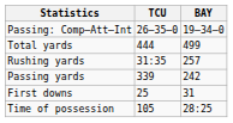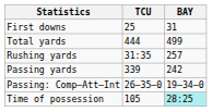 <table class="wikitable" style="float: left;">
 <tr>
 <th>Statistics</th>
 <th>TCU</th>
 <th>BAY</th>
 </tr>
 <tr>
-<td>Passing: Comp–Att–Int</td>
-<td>26–35–0</td>
-<td>19–34–0</td>
+<td>First downs</td>
+<td>25</td>
+<td>31</td>
 </tr>
 <tr>
 <td>Total yards</td>
 <td>444</td>
 <td>499</td>
 </tr>
 <tr>
 <td>Rushing yards</td>
 <td>31:35</td>
 <td>257</td>
 </tr>
 <tr>
 <td>Passing yards</td>
 <td>339</td>
 <td>242</td>
 </tr>
 <tr>
-<td>First downs</td>
-<td>25</td>
-<td>31</td>
+<td>Passing: Comp–Att–Int</td>
+<td>26–35–0</td>
+<td>19–34–0</td>
 </tr>
 <tr>
 <td>Time of possession</td>
 <td>105</td>
-<td>28:25</td>
+<td style="background: paleturquoise;">28:25</td>
 </tr>
 </table>
